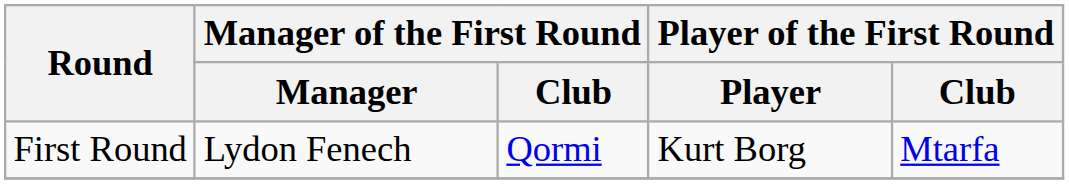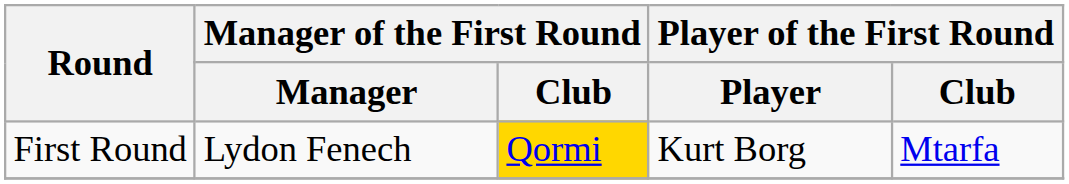 <table class="wikitable">
 <tr>
 <th rowspan="2">Round</th>
 <th colspan="2">Manager of the First Round</th>
 <th colspan="2">Player of the First Round</th>
 </tr>
 <tr>
 <th>Manager</th>
 <th>Club</th>
 <th>Player</th>
 <th>Club</th>
 </tr>
 <tr>
 <td>First Round</td>
 <td> Lydon Fenech</td>
-<td><a href='#'>Qormi</a></td>
+<td style="background: gold;"><a href='#'>Qormi</a></td>
 <td> Kurt Borg</td>
 <td><a href='#'>Mtarfa</a></td>
 </tr>
 <tr>
 </tr>
 </table>
